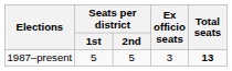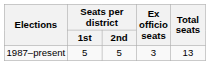 <table class="wikitable" style="text-align:center;">
 <tr>
 <th rowspan="2">Elections</th>
 <th colspan="2">Seats per district</th>
 <th rowspan="2" width="50px">Ex officio seats</th>
 <th rowspan="2" width="50px">Total seats</th>
 </tr>
 <tr>
 <th width="50px">1st</th>
 <th width="50px">2nd</th>
 </tr>
 <tr>
 <td>1987–present</td>
 <td>5</td>
 <td>5</td>
 <td>3</td>
-<td><strong>13</strong></td>
+<td>13</td>
 </tr>
 </table>
